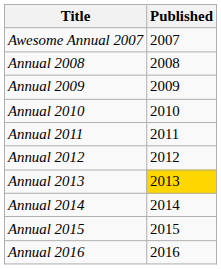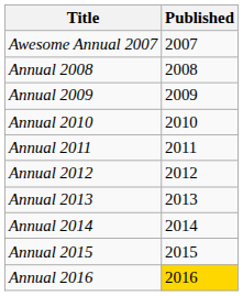 <table class="wikitable">
 <tr>
 <th>Title</th>
 <th>Published</th>
 </tr>
 <tr>
 <td><em>Awesome Annual 2007</em></td>
 <td>2007</td>
 </tr>
 <tr>
 <td><em>Annual 2008</em></td>
 <td>2008</td>
 </tr>
 <tr>
 <td><em>Annual 2009</em></td>
 <td>2009</td>
 </tr>
 <tr>
 <td><em>Annual 2010</em></td>
 <td>2010</td>
 </tr>
 <tr>
 <td><em>Annual 2011</em></td>
 <td>2011</td>
 </tr>
 <tr>
 <td><em>Annual 2012</em></td>
 <td>2012</td>
 </tr>
 <tr>
 <td><em>Annual 2013</em></td>
-<td style="background: gold;">2013</td>
+<td>2013</td>
 </tr>
 <tr>
 <td><em>Annual 2014</em></td>
 <td>2014</td>
 </tr>
 <tr>
 <td><em>Annual 2015</em></td>
 <td>2015</td>
 </tr>
 <tr>
 <td><em>Annual 2016</em></td>
-<td>2016</td>
+<td style="background: gold;">2016</td>
 </tr>
 </table>
